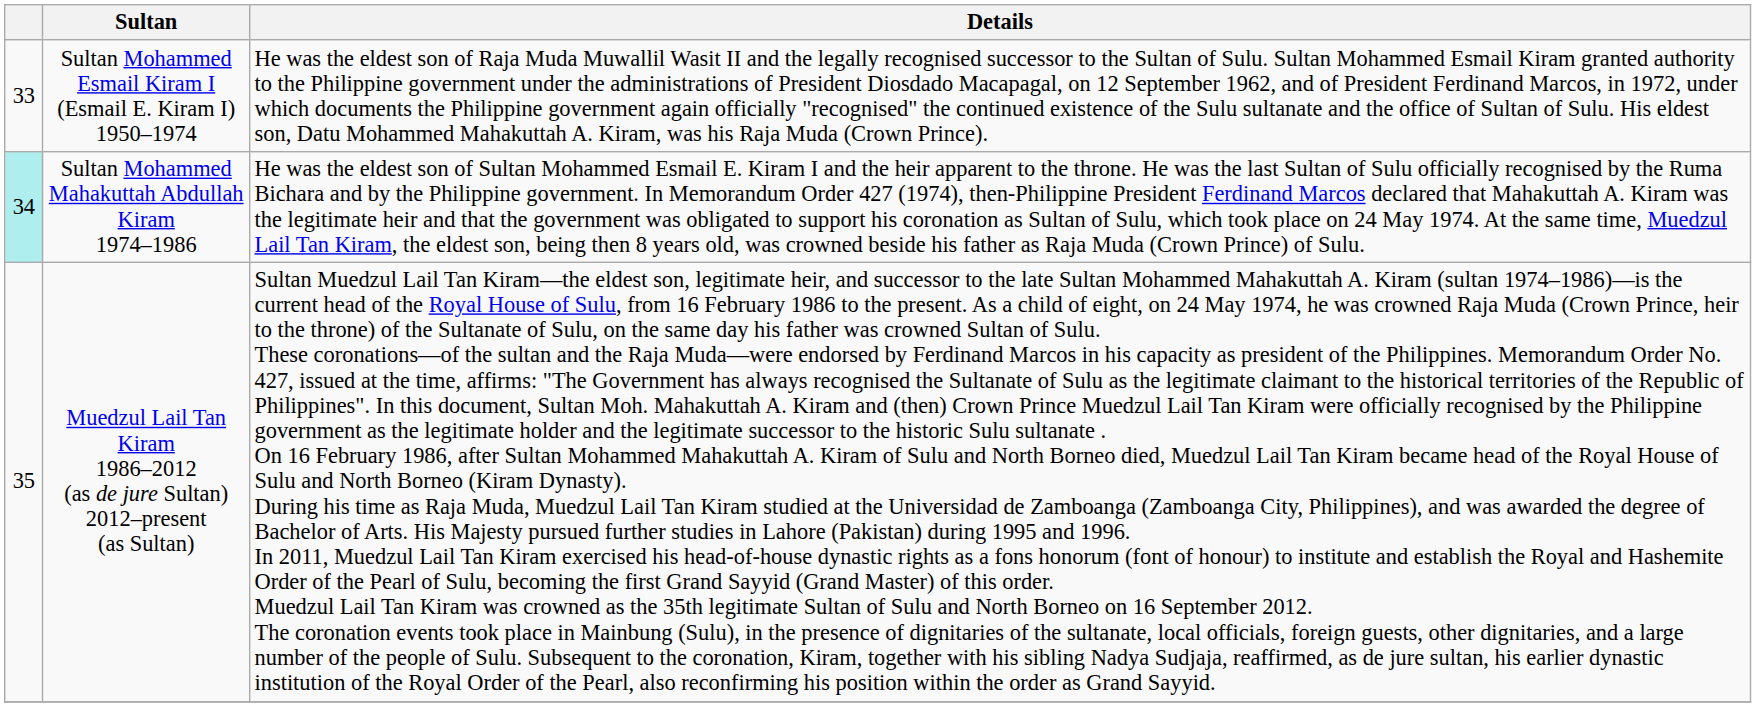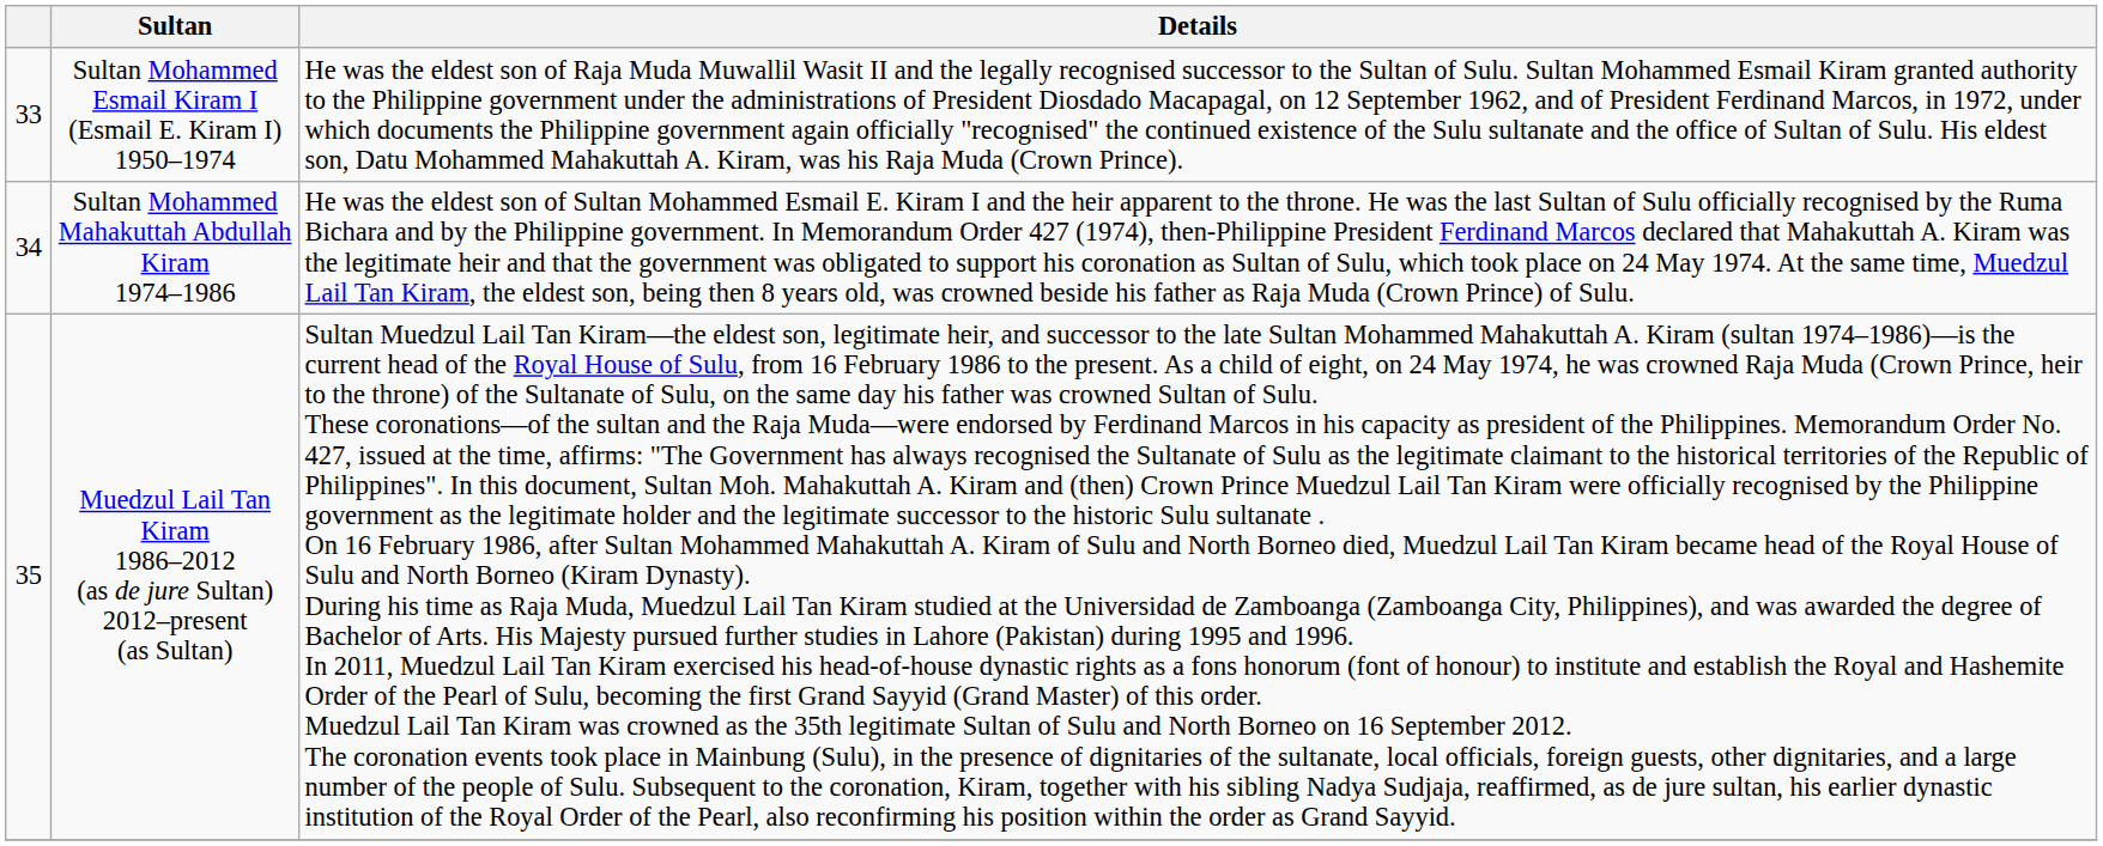 <table class="wikitable">
 <tr>
 <th width="20"></th>
 <th width="140">Sultan</th>
 <th>Details</th>
 </tr>
 <tr>
 <td align="center">33</td>
 <td align="center">Sultan <a href='#'>Mohammed Esmail Kiram I</a> <br>(Esmail E. Kiram I)<br>1950–1974</td>
 <td>He was the eldest son of Raja Muda Muwallil Wasit II and the legally recognised successor to the Sultan of Sulu. Sultan Mohammed Esmail Kiram granted authority to the Philippine government under the administrations of President Diosdado Macapagal, on 12 September 1962, and of President Ferdinand Marcos, in 1972, under which documents the Philippine government again officially "recognised" the continued existence of the Sulu sultanate and the office of Sultan of Sulu. His eldest son, Datu Mohammed Mahakuttah A. Kiram, was his Raja Muda (Crown Prince).</td>
 </tr>
 <tr>
-<td align="center" style="background: paleturquoise;">34</td>
+<td align="center">34</td>
 <td align="center">Sultan <a href='#'>Mohammed Mahakuttah Abdullah Kiram</a><br>1974–1986</td>
 <td>He was the eldest son of Sultan Mohammed Esmail E. Kiram I and the heir apparent to the throne. He was the last Sultan of Sulu officially recognised by the Ruma Bichara and by the Philippine government. In Memorandum Order 427 (1974), then-Philippine President <a href='#'>Ferdinand Marcos</a> declared that Mahakuttah A. Kiram was the legitimate heir and that the government was obligated to support his coronation as Sultan of Sulu, which took place on 24 May 1974. At the same time, <a href='#'>Muedzul Lail Tan Kiram</a>, the eldest son, being then 8 years old, was crowned beside his father as Raja Muda (Crown Prince) of Sulu.</td>
 </tr>
 <tr>
 <td align="center">35</td>
 <td align="center"><a href='#'>Muedzul Lail Tan Kiram</a><br>1986–2012<br>(as <em>de jure</em> Sultan)<br>2012–present<br>(as Sultan)</td>
 <td>Sultan Muedzul Lail Tan Kiram—the eldest son, legitimate heir, and successor to the late Sultan Mohammed Mahakuttah A. Kiram (sultan 1974–1986)—is the current head of the <a href='#'>Royal House of Sulu</a>, from 16 February 1986 to the present. As a child of eight, on 24 May 1974, he was crowned Raja Muda (Crown Prince, heir to the throne) of the Sultanate of Sulu, on the same day his father was crowned Sultan of Sulu.<br>These coronations—of the sultan and the Raja Muda—were endorsed by Ferdinand Marcos in his capacity as president of the Philippines. Memorandum Order No. 427, issued at the time, affirms: "The Government has always recognised the Sultanate of Sulu as the legitimate claimant to the historical territories of the Republic of Philippines". In this document, Sultan Moh. Mahakuttah A. Kiram and (then) Crown Prince Muedzul Lail Tan Kiram were officially recognised by the Philippine government as the legitimate holder and the legitimate successor to the historic Sulu sultanate .<br>On 16 February 1986, after Sultan Mohammed Mahakuttah A. Kiram of Sulu and North Borneo died, Muedzul Lail Tan Kiram became head of the Royal House of Sulu and North Borneo (Kiram Dynasty).<br>During his time as Raja Muda, Muedzul Lail Tan Kiram studied at the Universidad de Zamboanga (Zamboanga City, Philippines), and was awarded the degree of Bachelor of Arts. His Majesty pursued further studies in Lahore (Pakistan) during 1995 and 1996.<br>In 2011, Muedzul Lail Tan Kiram exercised his head-of-house dynastic rights as a fons honorum (font of honour) to institute and establish the Royal and Hashemite Order of the Pearl of Sulu, becoming the first Grand Sayyid (Grand Master) of this order.<br>Muedzul Lail Tan Kiram was crowned as the 35th legitimate Sultan of Sulu and North Borneo on 16 September 2012. <br>The coronation events took place in Mainbung (Sulu), in the presence of dignitaries of the sultanate, local officials, foreign guests, other dignitaries, and a large number of the people of Sulu. Subsequent to the coronation, Kiram, together with his sibling Nadya Sudjaja, reaffirmed, as de jure sultan, his earlier dynastic institution of the Royal Order of the Pearl, also reconfirming his position within the order as Grand Sayyid.</td>
 </tr>
 <tr>
 </tr>
 </table>
